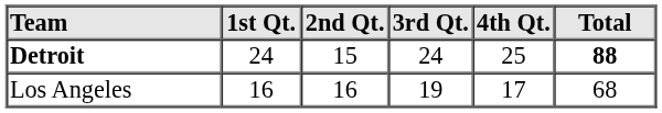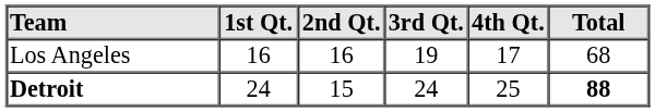 <table border=1 cellspacing=0 width=425 style="margin-left:3em;">
 <tr style="text-align:center; background-color:#e6e6e6;">
 <th align=left width=16%>Team</th>
 <th width=6%>1st Qt.</th>
 <th width=6%>2nd Qt.</th>
 <th width=6%>3rd Qt.</th>
 <th width=6%>4th Qt.</th>
 <th width=6%>Total</th>
 </tr>
 <tr style="text-align:center;">
+<td align=left>Los Angeles</td>
+<td>16</td>
+<td>16</td>
+<td>19</td>
+<td>17</td>
+<td>68</td>
+</tr>
+<tr style="text-align:center;">
 <td align=left><strong>Detroit</strong></td>
 <td>24</td>
 <td>15</td>
 <td>24</td>
 <td>25</td>
 <td><strong>88</strong></td>
 </tr>
 <tr style="text-align:center;">
-<td align=left>Los Angeles</td>
-<td>16</td>
-<td>16</td>
-<td>19</td>
-<td>17</td>
-<td>68</td>
-</tr>
-<tr style="text-align:center;">
 </tr>
 </table>
